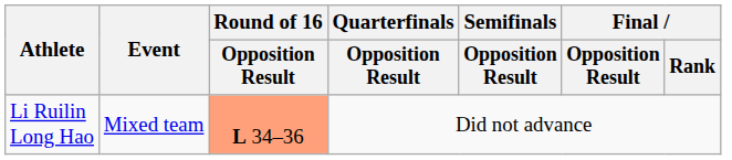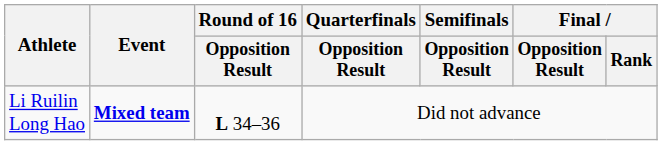 <table class="wikitable" style="font-size:90%">
 <tr>
 <th rowspan="2">Athlete</th>
 <th rowspan="2">Event</th>
 <th>Round of 16</th>
 <th>Quarterfinals</th>
 <th>Semifinals</th>
 <th colspan=2>Final / </th>
 </tr>
 <tr style="font-size:95%">
 <th>Opposition<br>Result</th>
 <th>Opposition<br>Result</th>
 <th>Opposition<br>Result</th>
 <th>Opposition<br>Result</th>
 <th>Rank</th>
 </tr>
 <tr align=center>
 <td align=left><a href='#'>Li Ruilin</a><br><a href='#'>Long Hao</a></td>
-<td align=left><a href='#'>Mixed team</a></td>
-<td style="background: lightsalmon;"><br><strong>L</strong> 34–36</td>
+<td align=left><strong><a href='#'>Mixed team</a></strong></td>
+<td><br><strong>L</strong> 34–36</td>
 <td colspan=4>Did not advance</td>
 </tr>
 </table>
